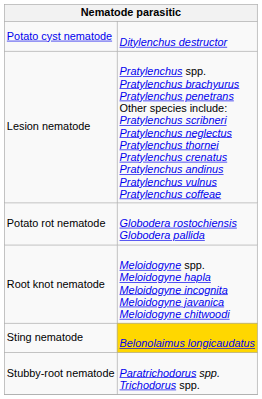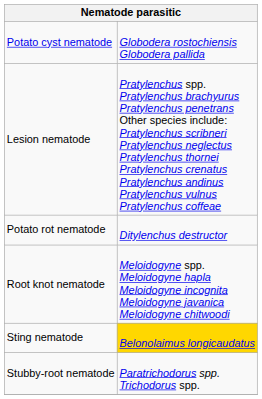 <table class="wikitable" style="clear:left">
 <tr>
 <th colspan=2><strong>Nematode parasitic</strong><br></th>
 </tr>
 <tr>
 <td><a href='#'>Potato cyst nematode</a></td>
-<td><br><em><a href='#'>Ditylenchus destructor</a></em></td>
+<td><br><em><a href='#'>Globodera rostochiensis</a></em><br> <em><a href='#'>Globodera pallida</a></em></td>
 </tr>
 <tr>
 <td>Lesion nematode</td>
 <td><br><em><a href='#'>Pratylenchus</a></em> spp.<br> <em><a href='#'>Pratylenchus brachyurus</a></em><br> <em><a href='#'>Pratylenchus penetrans</a></em><br> Other species include: <br> <em><a href='#'>Pratylenchus scribneri</a></em><br> <em><a href='#'>Pratylenchus neglectus</a></em><br> <em><a href='#'>Pratylenchus thornei</a></em><br> <em><a href='#'>Pratylenchus crenatus</a></em><br> <em><a href='#'>Pratylenchus andinus</a></em><br> <em><a href='#'>Pratylenchus vulnus</a></em><br> <em><a href='#'>Pratylenchus coffeae</a></em></td>
 </tr>
 <tr>
 <td>Potato rot nematode</td>
-<td><br><em><a href='#'>Globodera rostochiensis</a></em><br> <em><a href='#'>Globodera pallida</a></em></td>
+<td><br><em><a href='#'>Ditylenchus destructor</a></em></td>
 </tr>
 <tr>
 <td>Root knot nematode</td>
 <td><br><em><a href='#'>Meloidogyne</a></em> spp.<br> <em><a href='#'>Meloidogyne hapla</a></em><br> <em><a href='#'>Meloidogyne incognita</a></em><br> <em><a href='#'>Meloidogyne javanica</a></em><br> <em><a href='#'>Meloidogyne chitwoodi</a></em></td>
 </tr>
 <tr>
 <td>Sting nematode</td>
 <td style="background: gold;"><br><em><a href='#'>Belonolaimus longicaudatus</a></em></td>
 </tr>
 <tr>
 <td>Stubby-root nematode</td>
 <td><br><em><a href='#'>Paratrichodorus</a> spp.</em><br> <em><a href='#'>Trichodorus</a></em> spp.</td>
 </tr>
 <tr>
 </tr>
 </table>
